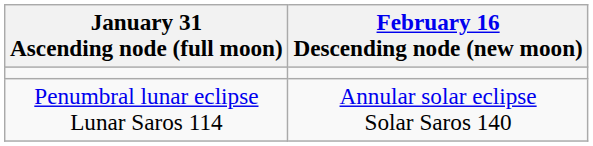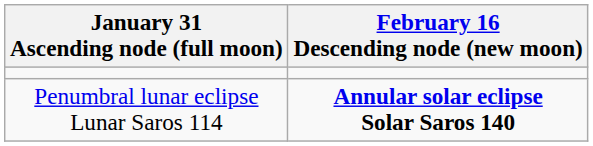 <table class="wikitable">
 <tr>
 <th>January 31<br>Ascending node (full moon)<br></th>
 <th><a href='#'>February 16</a><br>Descending node (new moon)<br></th>
 </tr>
 <tr>
 <td></td>
 <td></td>
 </tr>
 <tr align=center>
 <td><a href='#'>Penumbral lunar eclipse</a><br>Lunar Saros 114</td>
-<td><a href='#'>Annular solar eclipse</a><br>Solar Saros 140</td>
+<td><strong><a href='#'>Annular solar eclipse</a><br>Solar Saros 140</strong></td>
 </tr>
 </table>
